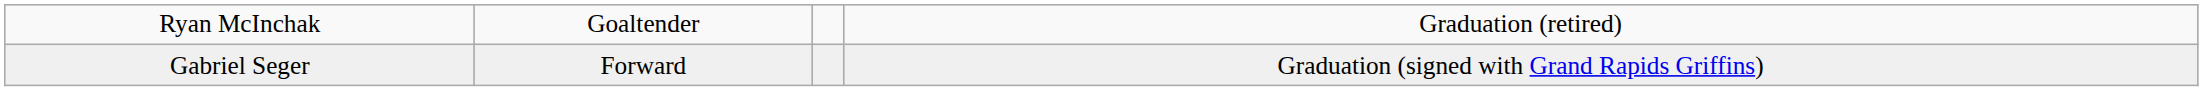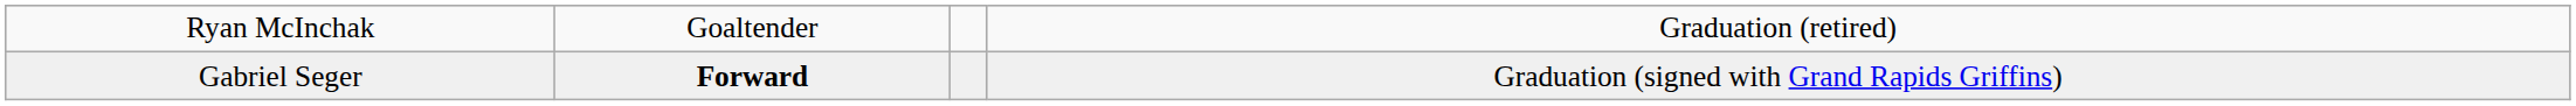 <table class="wikitable" width="70%">
 <tr align="center" bgcolor="">
 <td>Ryan McInchak</td>
 <td>Goaltender</td>
 <td></td>
 <td>Graduation (retired)</td>
 </tr>
 <tr align="center" bgcolor="f0f0f0">
 <td>Gabriel Seger</td>
-<td>Forward</td>
+<td><strong>Forward</strong></td>
 <td></td>
 <td>Graduation (signed with <a href='#'>Grand Rapids Griffins</a>)</td>
 </tr>
 </table>
